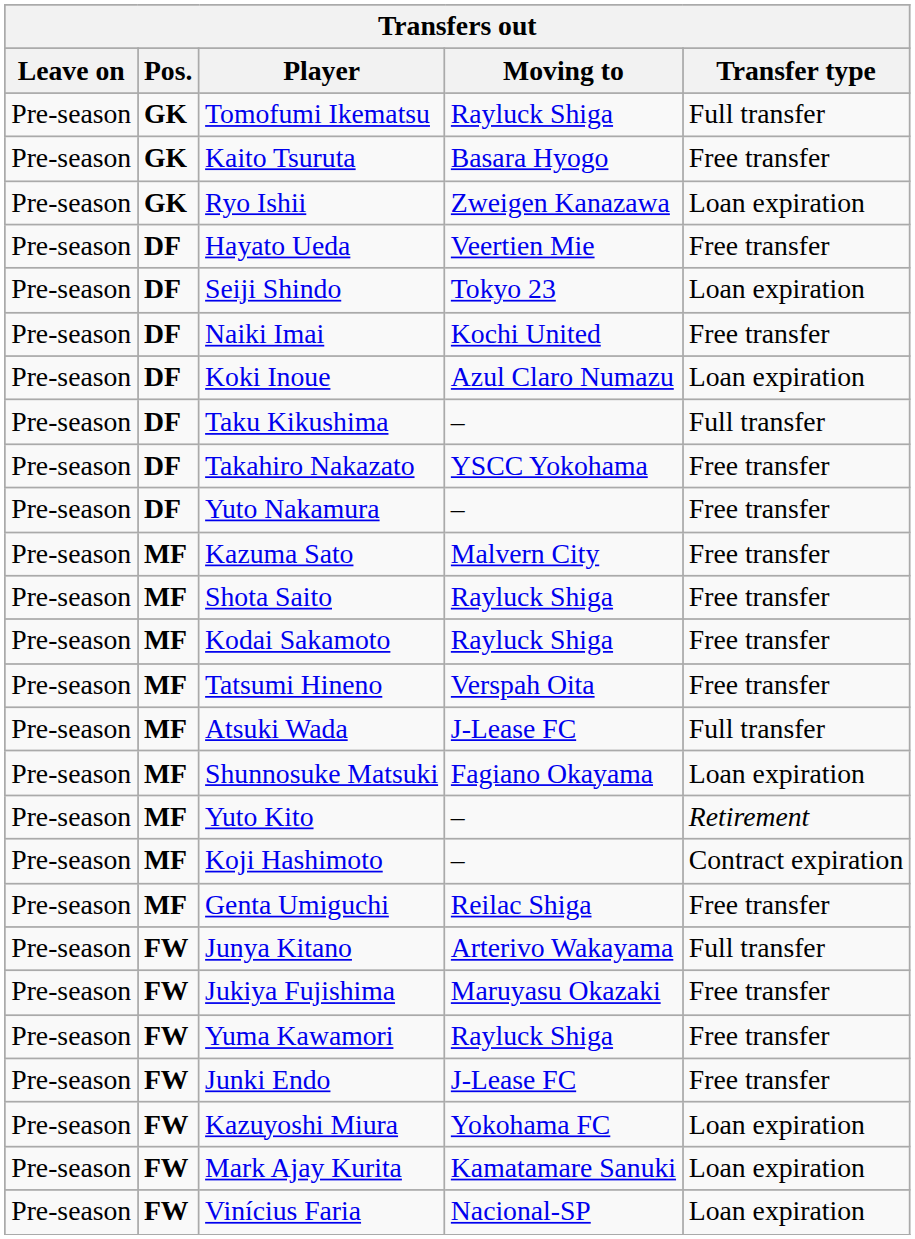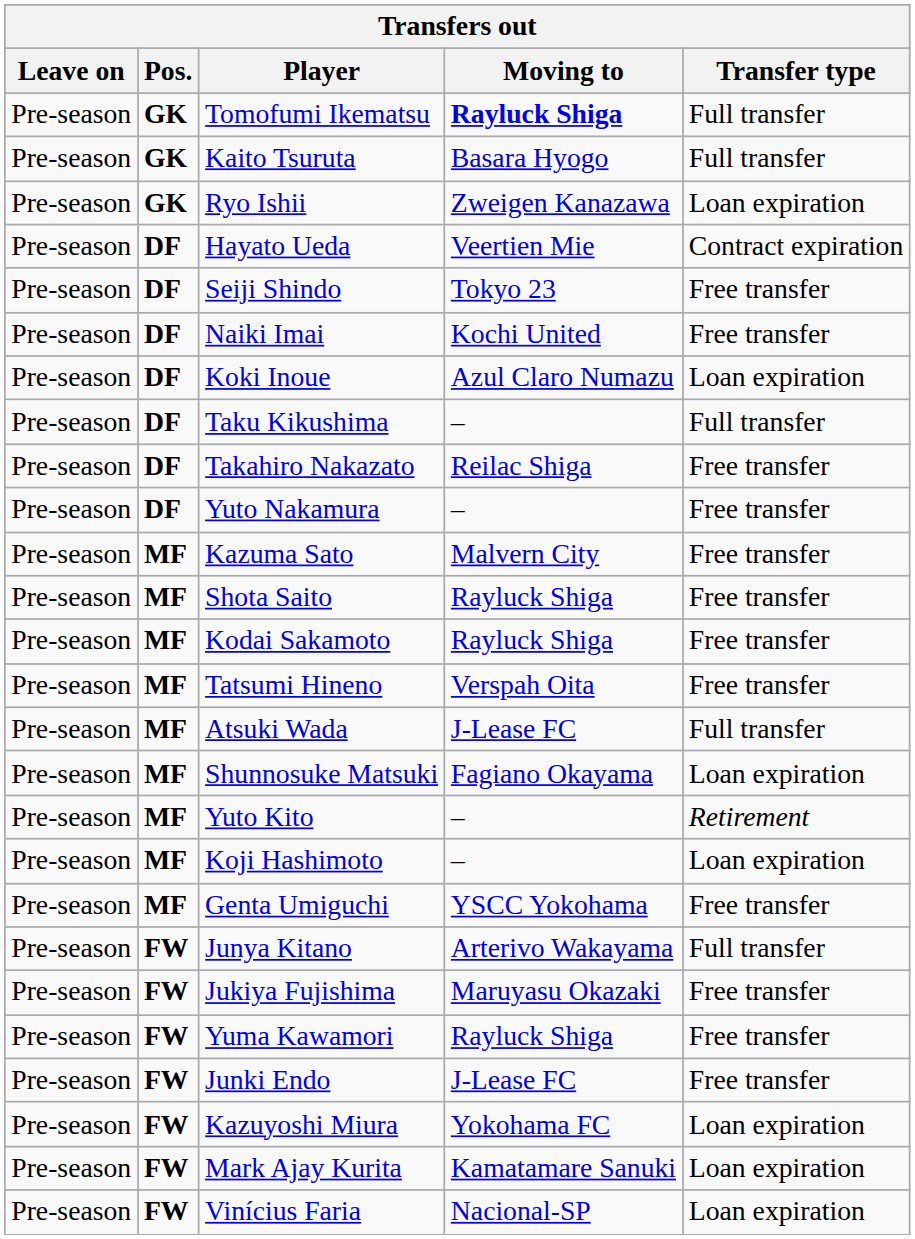 <table class="wikitable sortable" style=“text-align:left;>
 <tr>
 <th colspan="5">Transfers out</th>
 </tr>
 <tr>
 <th>Leave on</th>
 <th>Pos.</th>
 <th>Player</th>
 <th>Moving to</th>
 <th>Transfer type</th>
 </tr>
 <tr>
 <td>Pre-season</td>
 <td><strong>GK</strong></td>
 <td> <a href='#'>Tomofumi Ikematsu</a></td>
-<td> <a href='#'>Rayluck Shiga</a></td>
+<td><strong> <a href='#'>Rayluck Shiga</a></strong></td>
 <td>Full transfer</td>
 </tr>
 <tr>
 <td>Pre-season</td>
 <td><strong>GK</strong></td>
 <td> <a href='#'>Kaito Tsuruta</a></td>
 <td> <a href='#'>Basara Hyogo</a></td>
-<td>Free transfer</td>
+<td>Full transfer</td>
 </tr>
 <tr>
 <td>Pre-season</td>
 <td><strong>GK</strong></td>
 <td> <a href='#'>Ryo Ishii</a></td>
 <td> <a href='#'>Zweigen Kanazawa</a></td>
 <td>Loan expiration</td>
 </tr>
 <tr>
 <td>Pre-season</td>
 <td><strong>DF</strong></td>
 <td> <a href='#'>Hayato Ueda</a></td>
 <td> <a href='#'>Veertien Mie</a></td>
-<td>Free transfer</td>
+<td>Contract expiration</td>
 </tr>
 <tr>
 <td>Pre-season</td>
 <td><strong>DF</strong></td>
 <td> <a href='#'>Seiji Shindo</a></td>
 <td> <a href='#'>Tokyo 23</a></td>
-<td>Loan expiration</td>
+<td>Free transfer</td>
 </tr>
 <tr>
 <td>Pre-season</td>
 <td><strong>DF</strong></td>
 <td> <a href='#'>Naiki Imai</a></td>
 <td> <a href='#'>Kochi United</a></td>
 <td>Free transfer</td>
 </tr>
 <tr>
 <td>Pre-season</td>
 <td><strong>DF</strong></td>
 <td> <a href='#'>Koki Inoue</a></td>
 <td> <a href='#'>Azul Claro Numazu</a></td>
 <td>Loan expiration</td>
 </tr>
 <tr>
 <td>Pre-season</td>
 <td><strong>DF</strong></td>
 <td> <a href='#'>Taku Kikushima</a></td>
 <td>–</td>
 <td>Full transfer</td>
 </tr>
 <tr>
 <td>Pre-season</td>
 <td><strong>DF</strong></td>
 <td> <a href='#'>Takahiro Nakazato</a></td>
-<td> <a href='#'>YSCC Yokohama</a></td>
+<td> <a href='#'>Reilac Shiga</a></td>
 <td>Free transfer</td>
 </tr>
 <tr>
 <td>Pre-season</td>
 <td><strong>DF</strong></td>
 <td> <a href='#'>Yuto Nakamura</a></td>
 <td>–</td>
 <td>Free transfer</td>
 </tr>
 <tr>
 <td>Pre-season</td>
 <td><strong>MF</strong></td>
 <td> <a href='#'>Kazuma Sato</a></td>
 <td> <a href='#'>Malvern City</a></td>
 <td>Free transfer</td>
 </tr>
 <tr>
 <td>Pre-season</td>
 <td><strong>MF</strong></td>
 <td> <a href='#'>Shota Saito</a></td>
 <td> <a href='#'>Rayluck Shiga</a></td>
 <td>Free transfer</td>
 </tr>
 <tr>
 <td>Pre-season</td>
 <td><strong>MF</strong></td>
 <td> <a href='#'>Kodai Sakamoto</a></td>
 <td> <a href='#'>Rayluck Shiga</a></td>
 <td>Free transfer</td>
 </tr>
 <tr>
 <td>Pre-season</td>
 <td><strong>MF</strong></td>
 <td> <a href='#'>Tatsumi Hineno</a></td>
 <td> <a href='#'>Verspah Oita</a></td>
 <td>Free transfer</td>
 </tr>
 <tr>
 <td>Pre-season</td>
 <td><strong>MF</strong></td>
 <td> <a href='#'>Atsuki Wada</a></td>
 <td> <a href='#'>J-Lease FC</a></td>
 <td>Full transfer</td>
 </tr>
 <tr>
 <td>Pre-season</td>
 <td><strong>MF</strong></td>
 <td> <a href='#'>Shunnosuke Matsuki</a></td>
 <td> <a href='#'>Fagiano Okayama</a></td>
 <td>Loan expiration</td>
 </tr>
 <tr>
 <td>Pre-season</td>
 <td><strong>MF</strong></td>
 <td> <a href='#'>Yuto Kito</a></td>
 <td>–</td>
 <td><em>Retirement</em></td>
 </tr>
 <tr>
 <td>Pre-season</td>
 <td><strong>MF</strong></td>
 <td> <a href='#'>Koji Hashimoto</a></td>
 <td>–</td>
-<td>Contract expiration</td>
+<td>Loan expiration</td>
 </tr>
 <tr>
 <td>Pre-season</td>
 <td><strong>MF</strong></td>
 <td> <a href='#'>Genta Umiguchi</a></td>
-<td> <a href='#'>Reilac Shiga</a></td>
+<td> <a href='#'>YSCC Yokohama</a></td>
 <td>Free transfer</td>
 </tr>
 <tr>
 <td>Pre-season</td>
 <td><strong>FW</strong></td>
 <td> <a href='#'>Junya Kitano</a></td>
 <td> <a href='#'>Arterivo Wakayama</a></td>
 <td>Full transfer</td>
 </tr>
 <tr>
 <td>Pre-season</td>
 <td><strong>FW</strong></td>
 <td> <a href='#'>Jukiya Fujishima</a></td>
 <td> <a href='#'>Maruyasu Okazaki</a></td>
 <td>Free transfer</td>
 </tr>
 <tr>
 <td>Pre-season</td>
 <td><strong>FW</strong></td>
 <td> <a href='#'>Yuma Kawamori</a></td>
 <td> <a href='#'>Rayluck Shiga</a></td>
 <td>Free transfer</td>
 </tr>
 <tr>
 <td>Pre-season</td>
 <td><strong>FW</strong></td>
 <td> <a href='#'>Junki Endo</a></td>
 <td> <a href='#'>J-Lease FC</a></td>
 <td>Free transfer</td>
 </tr>
 <tr>
 <td>Pre-season</td>
 <td><strong>FW</strong></td>
 <td> <a href='#'>Kazuyoshi Miura</a></td>
 <td> <a href='#'>Yokohama FC</a></td>
 <td>Loan expiration</td>
 </tr>
 <tr>
 <td>Pre-season</td>
 <td><strong>FW</strong></td>
 <td> <a href='#'>Mark Ajay Kurita</a></td>
 <td> <a href='#'>Kamatamare Sanuki</a></td>
 <td>Loan expiration</td>
 </tr>
 <tr>
 <td>Pre-season</td>
 <td><strong>FW</strong></td>
 <td> <a href='#'>Vinícius Faria</a></td>
 <td> <a href='#'>Nacional-SP</a></td>
 <td>Loan expiration</td>
 </tr>
 <tr>
 </tr>
 </table>
